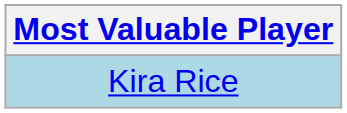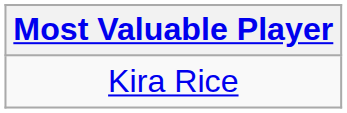 <table class=wikitable style="text-align:center; margin:auto">
 <tr>
 <th><a href='#'>Most Valuable Player</a></th>
 </tr>
 <tr>
-<td style="background: lightblue;"> <a href='#'>Kira Rice</a></td>
+<td> <a href='#'>Kira Rice</a></td>
 </tr>
 </table>
